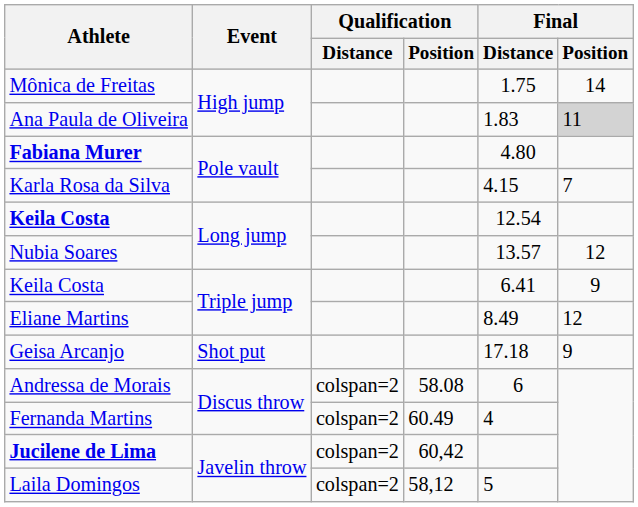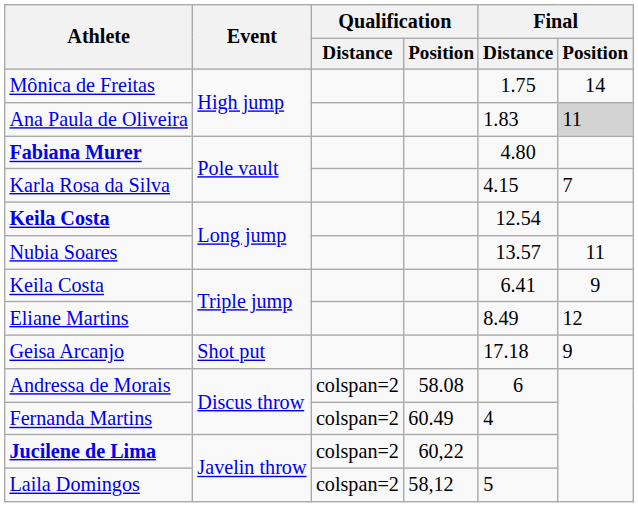 <table class=wikitable style="font-size:90%">
 <tr>
 <th rowspan="2">Athlete</th>
 <th rowspan="2">Event</th>
 <th colspan="2">Qualification</th>
 <th colspan="2">Final</th>
 </tr>
 <tr style="font-size:95%">
 <th>Distance</th>
 <th>Position</th>
 <th>Distance</th>
 <th>Position</th>
 </tr>
 <tr align=center>
 <td align=left><a href='#'>Mônica de Freitas</a></td>
 <td align=left rowspan=2><a href='#'>High jump</a></td>
 <td></td>
 <td></td>
 <td>1.75</td>
 <td>14</td>
 </tr>
 <tr>
 <td align=left><a href='#'>Ana Paula de Oliveira</a></td>
 <td></td>
 <td></td>
 <td>1.83</td>
 <td style="background: lightgrey;">11</td>
 </tr>
 <tr align=center>
 <td align=left><strong><a href='#'>Fabiana Murer</a></strong></td>
 <td align=left rowspan=2><a href='#'>Pole vault</a></td>
 <td></td>
 <td></td>
 <td>4.80</td>
 <td></td>
 </tr>
 <tr>
 <td align=left><a href='#'>Karla Rosa da Silva</a></td>
 <td></td>
 <td></td>
 <td>4.15</td>
 <td>7</td>
 </tr>
 <tr align=center>
 <td align=left><strong><a href='#'>Keila Costa</a></strong></td>
 <td align=left rowspan=2><a href='#'>Long jump</a></td>
 <td></td>
 <td></td>
 <td>12.54</td>
 <td></td>
 </tr>
 <tr align=center>
 <td align=left><a href='#'>Nubia Soares</a></td>
 <td></td>
 <td></td>
 <td>13.57</td>
-<td>12</td>
+<td>11</td>
 </tr>
 <tr align=center>
 <td align=left><a href='#'>Keila Costa</a></td>
 <td align=left rowspan=2><a href='#'>Triple jump</a></td>
 <td></td>
 <td></td>
 <td>6.41</td>
 <td>9</td>
 </tr>
 <tr>
 <td align=left><a href='#'>Eliane Martins</a></td>
 <td></td>
 <td></td>
 <td>8.49</td>
 <td>12</td>
 </tr>
 <tr>
 <td align=left><a href='#'>Geisa Arcanjo</a></td>
 <td align=left><a href='#'>Shot put</a></td>
 <td></td>
 <td></td>
 <td>17.18</td>
 <td>9</td>
 </tr>
 <tr align=center>
 <td align=left><a href='#'>Andressa de Morais</a></td>
 <td align=left rowspan=2><a href='#'>Discus throw</a></td>
 <td>colspan=2 </td>
 <td>58.08</td>
 <td>6</td>
 </tr>
 <tr>
 <td align=left><a href='#'>Fernanda Martins</a></td>
 <td>colspan=2 </td>
 <td>60.49</td>
 <td>4</td>
 </tr>
 <tr align=center>
 <td align=left><strong><a href='#'>Jucilene de Lima</a></strong></td>
 <td align=left rowspan=2><a href='#'>Javelin throw</a></td>
 <td>colspan=2 </td>
-<td>60,42</td>
+<td>60,22</td>
 <td></td>
 </tr>
 <tr>
 <td align=left><a href='#'>Laila Domingos</a></td>
 <td>colspan=2 </td>
 <td>58,12</td>
 <td>5</td>
 </tr>
 </table>
